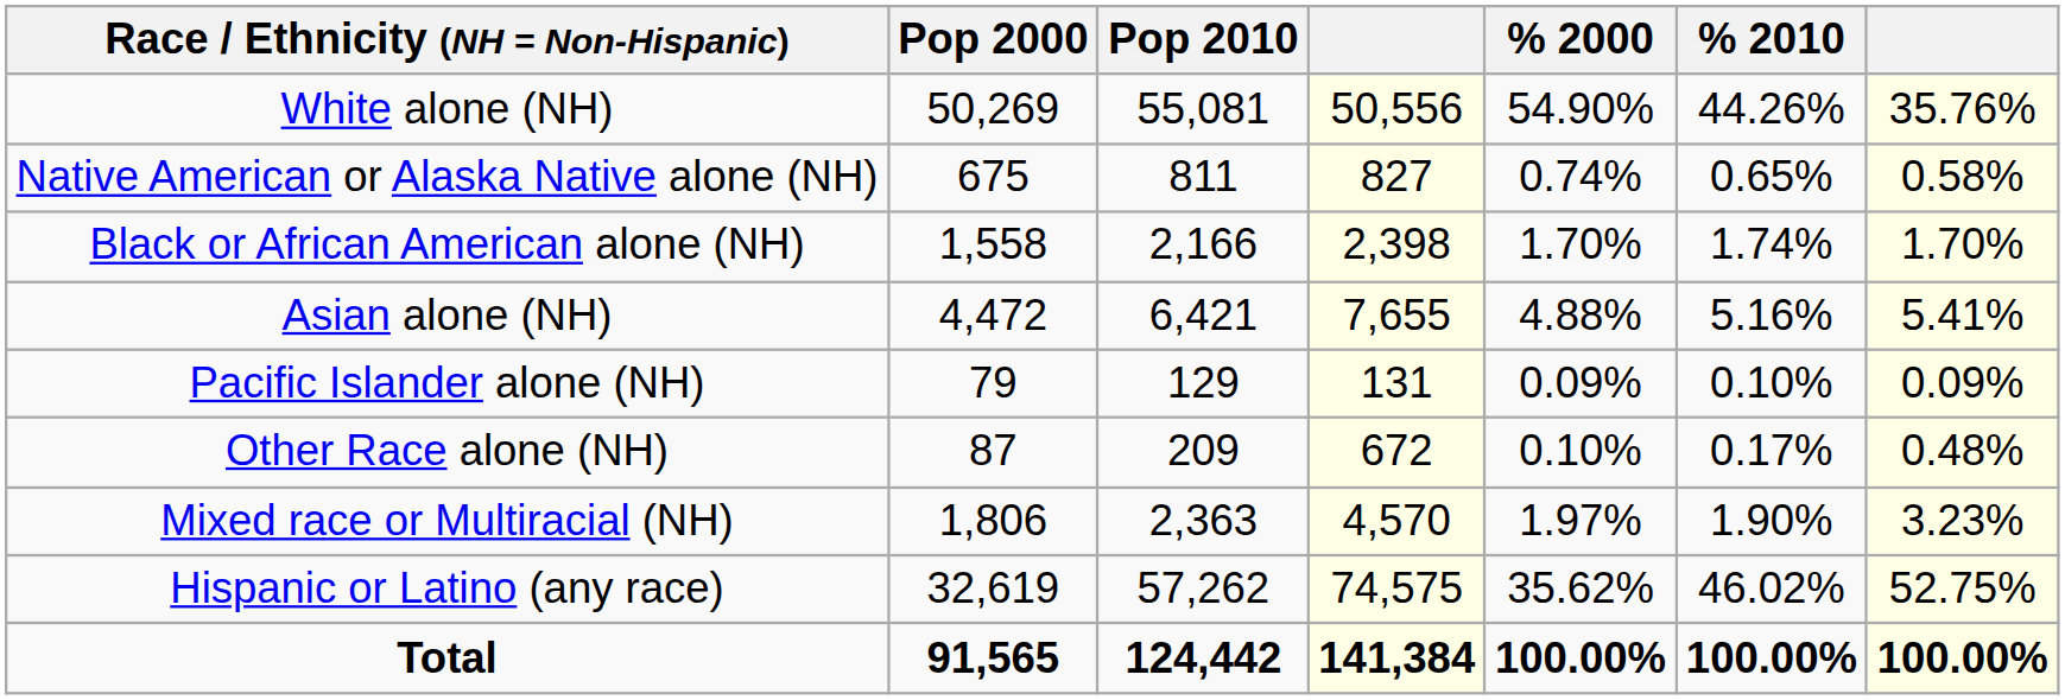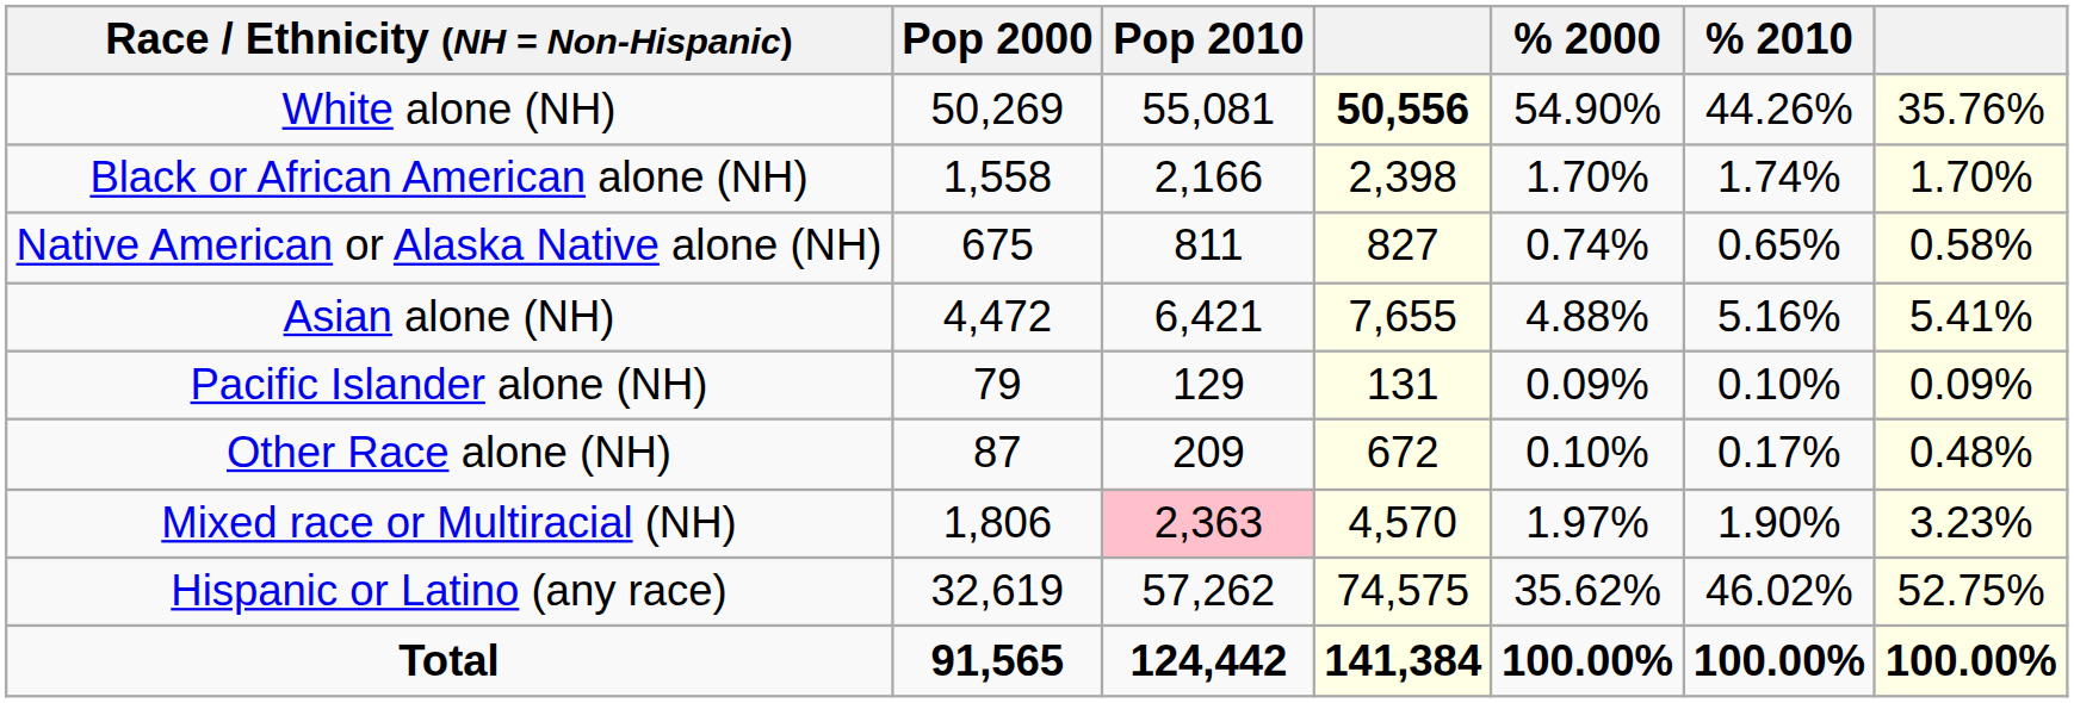 <table class="wikitable" style="text-align:center;">
 <tr>
 <th>Race / Ethnicity <small>(<em>NH = Non-Hispanic</em>)</small></th>
 <th>Pop 2000</th>
 <th>Pop 2010</th>
 <th></th>
 <th>% 2000</th>
 <th>% 2010</th>
 <th></th>
 </tr>
 <tr>
 <td><a href='#'>White</a> alone (NH)</td>
 <td>50,269</td>
 <td>55,081</td>
-<td style='background: #ffffe6;'>50,556</td>
+<td style='background: #ffffe6;'><strong>50,556</strong></td>
 <td>54.90%</td>
 <td>44.26%</td>
 <td style='background: #ffffe6;'>35.76%</td>
+</tr>
+<tr>
+<td><a href='#'>Black or African American</a> alone (NH)</td>
+<td>1,558</td>
+<td>2,166</td>
+<td style='background: #ffffe6;'>2,398</td>
+<td>1.70%</td>
+<td>1.74%</td>
+<td style='background: #ffffe6;'>1.70%</td>
 </tr>
 <tr>
 <td><a href='#'>Native American</a> or <a href='#'>Alaska Native</a> alone (NH)</td>
 <td>675</td>
 <td>811</td>
 <td style='background: #ffffe6;'>827</td>
 <td>0.74%</td>
 <td>0.65%</td>
 <td style='background: #ffffe6;'>0.58%</td>
-</tr>
-<tr>
-<td><a href='#'>Black or African American</a> alone (NH)</td>
-<td>1,558</td>
-<td>2,166</td>
-<td style='background: #ffffe6;'>2,398</td>
-<td>1.70%</td>
-<td>1.74%</td>
-<td style='background: #ffffe6;'>1.70%</td>
 </tr>
 <tr>
 <td><a href='#'>Asian</a> alone (NH)</td>
 <td>4,472</td>
 <td>6,421</td>
 <td style='background: #ffffe6;'>7,655</td>
 <td>4.88%</td>
 <td>5.16%</td>
 <td style='background: #ffffe6;'>5.41%</td>
 </tr>
 <tr>
 <td><a href='#'>Pacific Islander</a> alone (NH)</td>
 <td>79</td>
 <td>129</td>
 <td style='background: #ffffe6;'>131</td>
 <td>0.09%</td>
 <td>0.10%</td>
 <td style='background: #ffffe6;'>0.09%</td>
 </tr>
 <tr>
 <td><a href='#'>Other Race</a> alone (NH)</td>
 <td>87</td>
 <td>209</td>
 <td style='background: #ffffe6;'>672</td>
 <td>0.10%</td>
 <td>0.17%</td>
 <td style='background: #ffffe6;'>0.48%</td>
 </tr>
 <tr>
 <td><a href='#'>Mixed race or Multiracial</a> (NH)</td>
 <td>1,806</td>
-<td>2,363</td>
+<td style="background: pink;">2,363</td>
 <td style='background: #ffffe6;'>4,570</td>
 <td>1.97%</td>
 <td>1.90%</td>
 <td style='background: #ffffe6;'>3.23%</td>
 </tr>
 <tr>
 <td><a href='#'>Hispanic or Latino</a> (any race)</td>
 <td>32,619</td>
 <td>57,262</td>
 <td style='background: #ffffe6;'>74,575</td>
 <td>35.62%</td>
 <td>46.02%</td>
 <td style='background: #ffffe6;'>52.75%</td>
 </tr>
 <tr>
 <td><strong>Total</strong></td>
 <td><strong>91,565</strong></td>
 <td><strong>124,442</strong></td>
 <td style='background: #ffffe6;'><strong>141,384</strong></td>
 <td><strong>100.00%</strong></td>
 <td><strong>100.00%</strong></td>
 <td style='background: #ffffe6;'><strong>100.00%</strong></td>
 </tr>
 </table>
